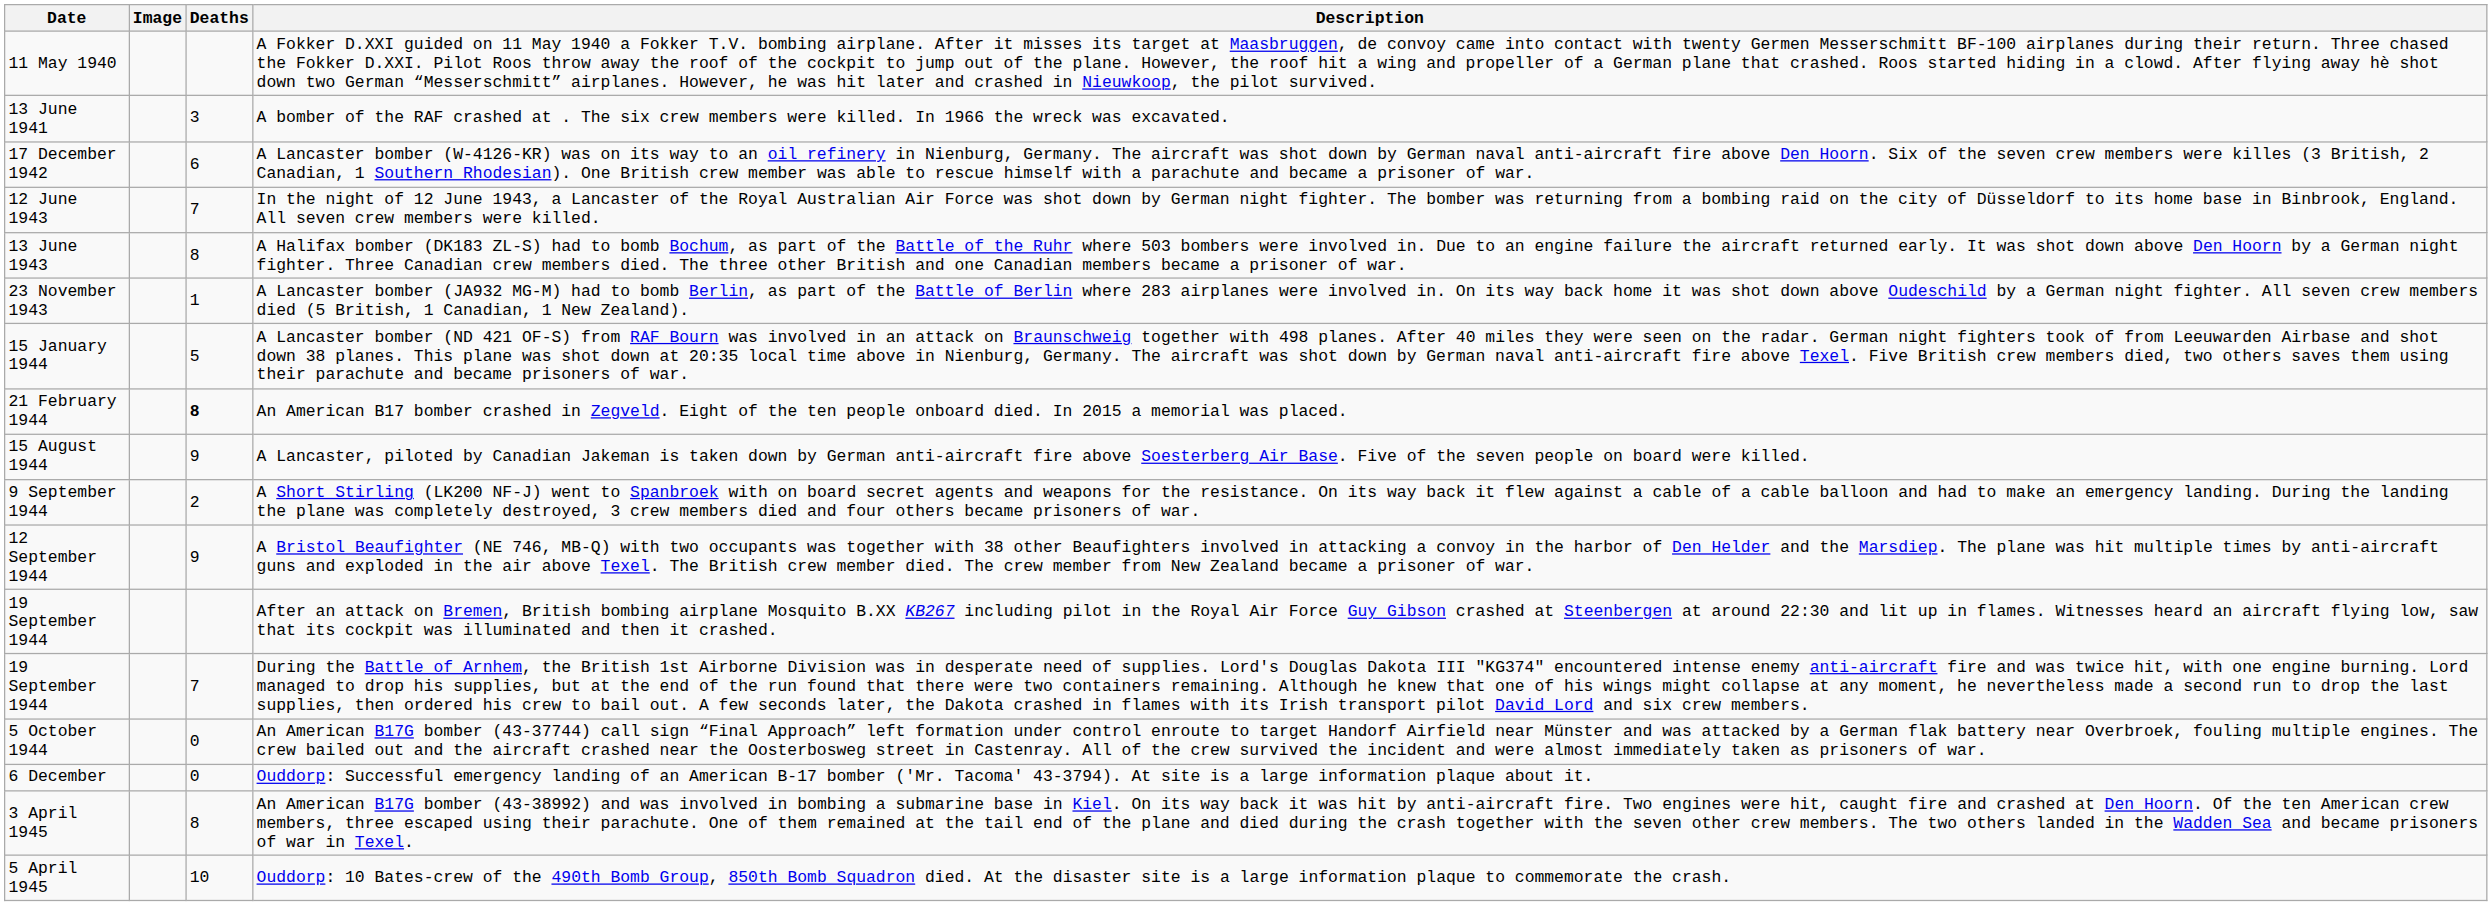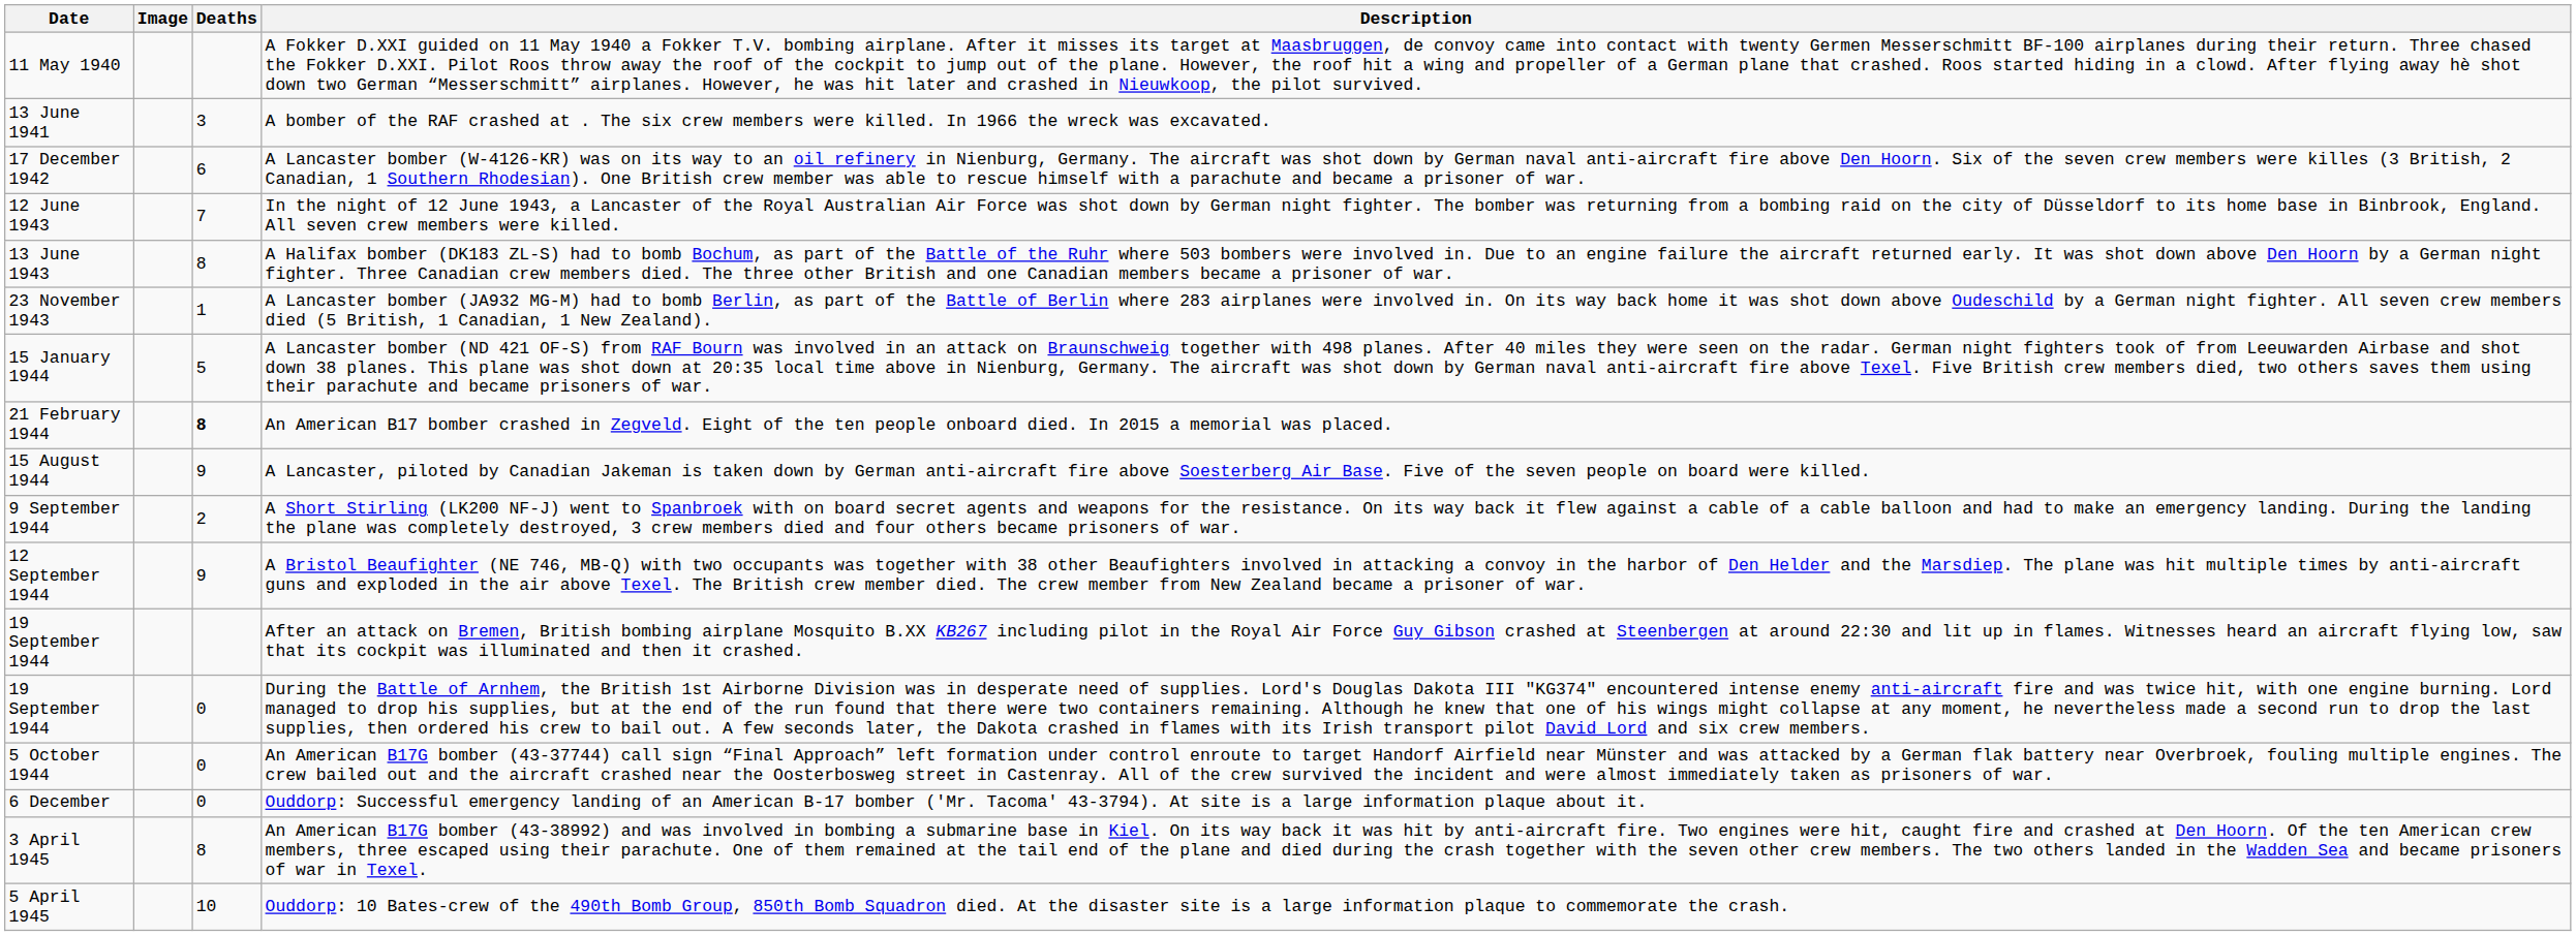 <table class="wikitable vatop">
 <tr>
 <th>Date</th>
 <th>Image</th>
 <th>Deaths</th>
 <th>Description</th>
 </tr>
 <tr>
 <td>11 May 1940</td>
 <td></td>
 <td></td>
 <td>A Fokker D.XXI guided on 11 May 1940 a Fokker T.V. bombing airplane. After it misses its target at <a href='#'>Maasbruggen</a>, de convoy came into contact with twenty Germen Messerschmitt BF-100 airplanes during their return. Three chased the Fokker D.XXI. Pilot Roos throw away the roof of the cockpit to jump out of the plane. However, the roof hit a wing and propeller of a German plane that crashed. Roos started hiding in a clowd. After flying away hè shot down two German “Messerschmitt” airplanes. However, he was hit later and crashed in <a href='#'>Nieuwkoop</a>, the pilot survived.</td>
 </tr>
 <tr>
 <td>13 June 1941</td>
 <td></td>
 <td>3</td>
 <td>A bomber of the RAF crashed at . The six crew members were killed. In 1966 the wreck was excavated.</td>
 </tr>
 <tr>
 <td>17 December 1942</td>
 <td></td>
 <td>6</td>
 <td>A Lancaster bomber (W-4126-KR) was on its way to an <a href='#'>oil refinery</a> in Nienburg, Germany. The aircraft was shot down by German naval anti-aircraft fire above <a href='#'>Den Hoorn</a>. Six of the seven crew members were killes (3 British, 2 Canadian, 1 <a href='#'>Southern Rhodesian</a>). One British crew member was able to rescue himself with a parachute and became a prisoner of war.</td>
 </tr>
 <tr>
 <td>12 June 1943</td>
 <td></td>
 <td>7</td>
 <td>In the night of 12 June 1943, a Lancaster of the Royal Australian Air Force was shot down by German night fighter. The bomber was returning from a bombing raid on the city of Düsseldorf to its home base in Binbrook, England. All seven crew members were killed.</td>
 </tr>
 <tr>
 <td>13 June 1943</td>
 <td></td>
 <td>8</td>
 <td>A Halifax bomber (DK183 ZL-S) had to bomb <a href='#'>Bochum</a>, as part of the <a href='#'>Battle of the Ruhr</a> where 503 bombers were involved in. Due to an engine failure the aircraft returned early. It was shot down above <a href='#'>Den Hoorn</a> by a German night fighter. Three Canadian crew members died. The three other British and one Canadian members became a prisoner of war.</td>
 </tr>
 <tr>
 <td>23 November 1943</td>
 <td></td>
 <td>1</td>
 <td>A Lancaster bomber (JA932 MG-M) had to bomb <a href='#'>Berlin</a>, as part of the <a href='#'>Battle of Berlin</a> where 283 airplanes were involved in. On its way back home it was shot down above <a href='#'>Oudeschild</a> by a German night fighter. All seven crew members died (5 British, 1 Canadian, 1 New Zealand).</td>
 </tr>
 <tr>
 <td>15 January 1944</td>
 <td></td>
 <td>5</td>
 <td>A Lancaster bomber (ND 421 OF-S) from <a href='#'>RAF Bourn</a> was involved in an attack on <a href='#'>Braunschweig</a> together with 498 planes. After 40 miles they were seen on the radar. German night fighters took of from Leeuwarden Airbase and shot down 38 planes. This plane was shot down at 20:35 local time above in Nienburg, Germany. The aircraft was shot down by German naval anti-aircraft fire above <a href='#'>Texel</a>. Five British crew members died, two others saves them using their parachute and became prisoners of war.</td>
 </tr>
 <tr>
 <td>21 February 1944</td>
 <td></td>
 <td><strong>8</strong></td>
 <td>An American B17 bomber crashed in <a href='#'>Zegveld</a>. Eight of the ten people onboard died. In 2015 a memorial was placed.</td>
 </tr>
 <tr>
 <td>15 August 1944</td>
 <td></td>
 <td>9</td>
 <td>A Lancaster, piloted by Canadian Jakeman is taken down by German anti-aircraft fire above <a href='#'>Soesterberg Air Base</a>. Five of the seven people on board were killed.</td>
 </tr>
 <tr>
 <td>9 September 1944</td>
 <td></td>
 <td>2</td>
 <td>A <a href='#'>Short Stirling</a> (LK200 NF-J) went to <a href='#'>Spanbroek</a> with on board secret agents and weapons for the resistance. On its way back it flew against a cable of a cable balloon and had to make an emergency landing. During the landing the plane was completely destroyed, 3 crew members died and four others became prisoners of war.</td>
 </tr>
 <tr>
 <td>12 September 1944</td>
 <td></td>
 <td>9</td>
 <td>A <a href='#'>Bristol Beaufighter</a> (NE 746, MB-Q) with two occupants was together with 38 other Beaufighters involved in attacking a convoy in the harbor of <a href='#'>Den Helder</a> and the <a href='#'>Marsdiep</a>. The plane was hit multiple times by anti-aircraft guns and exploded in the air above <a href='#'>Texel</a>. The British crew member died. The crew member from New Zealand became a prisoner of war.</td>
 </tr>
 <tr>
 <td>19 September 1944</td>
 <td></td>
 <td></td>
 <td>After an attack on <a href='#'>Bremen</a>, British bombing airplane Mosquito B.XX <em><a href='#'>KB267</a></em> including pilot in the Royal Air Force <a href='#'>Guy Gibson</a> crashed at <a href='#'>Steenbergen</a> at around 22:30 and lit up in flames. Witnesses heard an aircraft flying low, saw that its cockpit was illuminated and then it crashed.</td>
 </tr>
 <tr>
 <td>19 September 1944</td>
 <td></td>
-<td>7</td>
+<td>0</td>
 <td>During the <a href='#'>Battle of Arnhem</a>, the British 1st Airborne Division was in desperate need of supplies. Lord's Douglas Dakota III "KG374" encountered intense enemy <a href='#'>anti-aircraft</a> fire and was twice hit, with one engine burning. Lord managed to drop his supplies, but at the end of the run found that there were two containers remaining. Although he knew that one of his wings might collapse at any moment, he nevertheless made a second run to drop the last supplies, then ordered his crew to bail out. A few seconds later, the Dakota crashed in flames with its Irish transport pilot <a href='#'>David Lord</a> and six crew members.</td>
 </tr>
 <tr>
 <td>5 October 1944</td>
 <td></td>
 <td>0</td>
 <td>An American <a href='#'>B17G</a> bomber (43-37744) call sign “Final Approach” left formation under control enroute to target Handorf Airfield near Münster and was attacked by a German flak battery near Overbroek, fouling multiple engines. The crew bailed out and the aircraft crashed near the Oosterbosweg street in Castenray. All of the crew survived the incident and were almost immediately taken as prisoners of war.</td>
 </tr>
 <tr>
 <td>6 December</td>
 <td></td>
 <td>0</td>
 <td><a href='#'>Ouddorp</a>: Successful emergency landing of an American B-17 bomber ('Mr. Tacoma' 43-3794). At site is a large information plaque about it.</td>
 </tr>
 <tr>
 <td>3 April 1945</td>
 <td></td>
 <td>8</td>
 <td>An American <a href='#'>B17G</a> bomber (43-38992) and was involved in bombing a submarine base in <a href='#'>Kiel</a>. On its way back it was hit by anti-aircraft fire. Two engines were hit, caught fire and crashed at <a href='#'>Den Hoorn</a>. Of the ten American crew members, three escaped using their parachute. One of them remained at the tail end of the plane and died during the crash together with the seven other crew members. The two others landed in the <a href='#'>Wadden Sea</a> and became prisoners of war in <a href='#'>Texel</a>.</td>
 </tr>
 <tr>
 <td>5 April 1945</td>
 <td></td>
 <td>10</td>
 <td><a href='#'>Ouddorp</a>: 10 Bates-crew of the <a href='#'>490th Bomb Group</a>, <a href='#'>850th Bomb Squadron</a> died. At the disaster site is a large information plaque to commemorate the crash.</td>
 </tr>
 </table>
